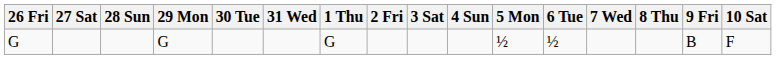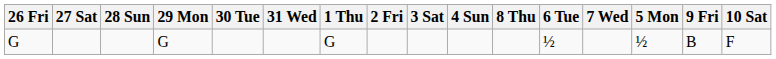 <table class="wikitable olympic-schedule football">
 <tr>
 <th>26 Fri</th>
 <th>27 Sat</th>
 <th>28 Sun</th>
 <th>29 Mon</th>
 <th>30 Tue</th>
 <th>31 Wed</th>
 <th>1 Thu</th>
 <th>2 Fri</th>
 <th>3 Sat</th>
 <th>4 Sun</th>
-<th>5 Mon</th>
+<th>8 Thu</th>
 <th>6 Tue</th>
 <th>7 Wed</th>
-<th>8 Thu</th>
+<th>5 Mon</th>
 <th>9 Fri</th>
 <th>10 Sat</th>
 </tr>
 <tr>
 <td class="team-group">G</td>
 <td></td>
 <td></td>
 <td class="team-group">G</td>
 <td></td>
 <td></td>
 <td class="team-group">G</td>
 <td></td>
 <td></td>
 <td></td>
-<td class="team-sf">½</td>
+<td></td>
 <td class="team-sf">½</td>
 <td></td>
-<td></td>
+<td class="team-sf">½</td>
 <td class="team-bronze">B</td>
 <td class="team-final">F</td>
 </tr>
 </table>
